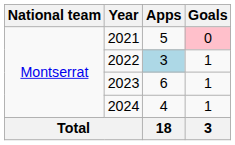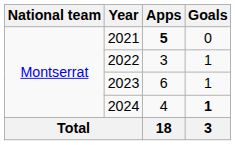 <table class="wikitable" style="text-align:center">
 <tr>
 <th>National team</th>
 <th>Year</th>
 <th>Apps</th>
 <th>Goals</th>
 </tr>
 <tr>
 <td rowspan=4><a href='#'>Montserrat</a></td>
 <td>2021</td>
-<td>5</td>
-<td style="background: pink;">0</td>
+<td><strong>5</strong></td>
+<td>0</td>
 </tr>
 <tr>
 <td>2022</td>
-<td style="background: lightblue;">3</td>
+<td>3</td>
 <td>1</td>
 </tr>
 <tr>
 <td>2023</td>
 <td>6</td>
 <td>1</td>
 </tr>
 <tr>
 <td>2024</td>
 <td>4</td>
-<td>1</td>
+<td><strong>1</strong></td>
 </tr>
 <tr>
 <th colspan=2>Total</th>
 <th>18</th>
 <th>3</th>
 </tr>
 </table>
